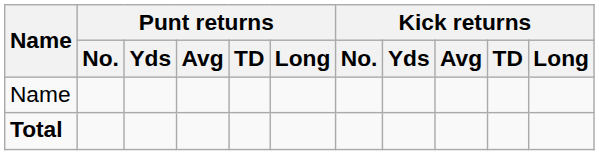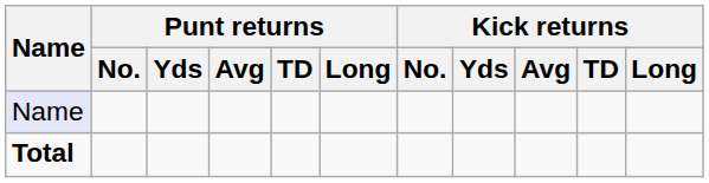 <table class="wikitable" style="white-space:nowrap;">
 <tr>
 <th rowspan="2">Name</th>
 <th colspan="5">Punt returns</th>
 <th colspan="5">Kick returns</th>
 </tr>
 <tr>
 <th>No.</th>
 <th>Yds</th>
 <th>Avg</th>
 <th>TD</th>
 <th>Long</th>
 <th>No.</th>
 <th>Yds</th>
 <th>Avg</th>
 <th>TD</th>
 <th>Long</th>
 </tr>
 <tr>
-<td>Name</td>
+<td style="background: lavender;">Name</td>
 <td></td>
 <td></td>
 <td></td>
 <td></td>
 <td></td>
 <td></td>
 <td></td>
 <td></td>
 <td></td>
 <td></td>
 </tr>
 <tr>
 <td><strong>Total</strong></td>
 <td></td>
 <td></td>
 <td></td>
 <td></td>
 <td></td>
 <td></td>
 <td></td>
 <td></td>
 <td></td>
 <td></td>
 </tr>
 </table>
